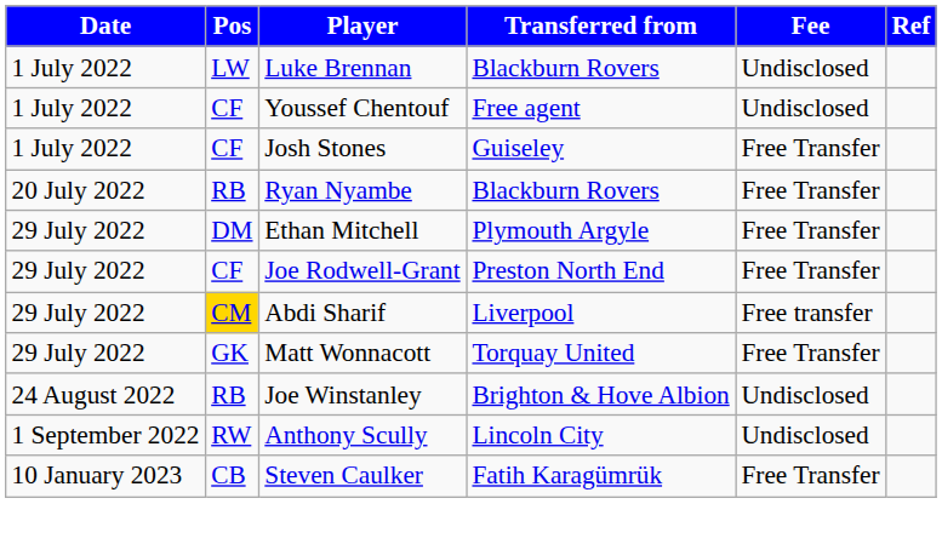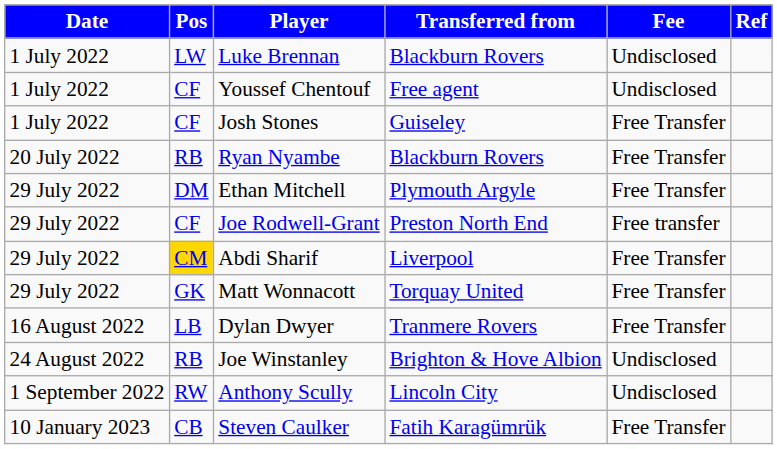 <table class="wikitable plainrowheaders sortable">
 <tr>
 <th style="background:#0000FF; color:#FFFFFF; ">Date</th>
 <th style="background:#0000FF; color:#FFFFFF; ">Pos</th>
 <th style="background:#0000FF; color:#FFFFFF; ">Player</th>
 <th style="background:#0000FF; color:#FFFFFF; ">Transferred from</th>
 <th style="background:#0000FF; color:#FFFFFF; ">Fee</th>
 <th style="background:#0000FF; color:#FFFFFF; ">Ref</th>
 </tr>
 <tr>
 <td>1 July 2022</td>
 <td><a href='#'>LW</a></td>
 <td> <a href='#'>Luke Brennan</a></td>
 <td> <a href='#'>Blackburn Rovers</a></td>
 <td>Undisclosed</td>
 <td></td>
 </tr>
 <tr>
 <td>1 July 2022</td>
 <td><a href='#'>CF</a></td>
 <td> Youssef Chentouf</td>
 <td><a href='#'>Free agent</a></td>
 <td>Undisclosed</td>
 <td></td>
 </tr>
 <tr>
 <td>1 July 2022</td>
 <td><a href='#'>CF</a></td>
 <td> Josh Stones</td>
 <td> <a href='#'>Guiseley</a></td>
 <td>Free Transfer</td>
 <td></td>
 </tr>
 <tr>
 <td>20 July 2022</td>
 <td><a href='#'>RB</a></td>
 <td> <a href='#'>Ryan Nyambe</a></td>
 <td> <a href='#'>Blackburn Rovers</a></td>
 <td>Free Transfer</td>
 <td></td>
 </tr>
 <tr>
 <td>29 July 2022</td>
 <td><a href='#'>DM</a></td>
 <td> Ethan Mitchell</td>
 <td> <a href='#'>Plymouth Argyle</a></td>
 <td>Free Transfer</td>
 <td></td>
 </tr>
 <tr>
 <td>29 July 2022</td>
 <td><a href='#'>CF</a></td>
 <td> <a href='#'>Joe Rodwell-Grant</a></td>
 <td> <a href='#'>Preston North End</a></td>
-<td>Free Transfer</td>
+<td>Free transfer</td>
 <td></td>
 </tr>
 <tr>
 <td>29 July 2022</td>
 <td style="background: gold;"><a href='#'>CM</a></td>
 <td> Abdi Sharif</td>
 <td> <a href='#'>Liverpool</a></td>
-<td>Free transfer</td>
+<td>Free Transfer</td>
 <td></td>
 </tr>
 <tr>
 <td>29 July 2022</td>
 <td><a href='#'>GK</a></td>
 <td> Matt Wonnacott</td>
 <td> <a href='#'>Torquay United</a></td>
+<td>Free Transfer</td>
+<td></td>
+</tr>
+<tr>
+<td>16 August 2022</td>
+<td><a href='#'>LB</a></td>
+<td> Dylan Dwyer</td>
+<td> <a href='#'>Tranmere Rovers</a></td>
 <td>Free Transfer</td>
 <td></td>
 </tr>
 <tr>
 <td>24 August 2022</td>
 <td><a href='#'>RB</a></td>
 <td> Joe Winstanley</td>
 <td> <a href='#'>Brighton & Hove Albion</a></td>
 <td>Undisclosed</td>
 <td></td>
 </tr>
 <tr>
 <td>1 September 2022</td>
 <td><a href='#'>RW</a></td>
 <td> <a href='#'>Anthony Scully</a></td>
 <td> <a href='#'>Lincoln City</a></td>
 <td>Undisclosed</td>
 <td></td>
 </tr>
 <tr>
 <td>10 January 2023</td>
 <td><a href='#'>CB</a></td>
 <td> <a href='#'>Steven Caulker</a></td>
 <td> <a href='#'>Fatih Karagümrük</a></td>
 <td>Free Transfer</td>
 <td></td>
 </tr>
 </table>
